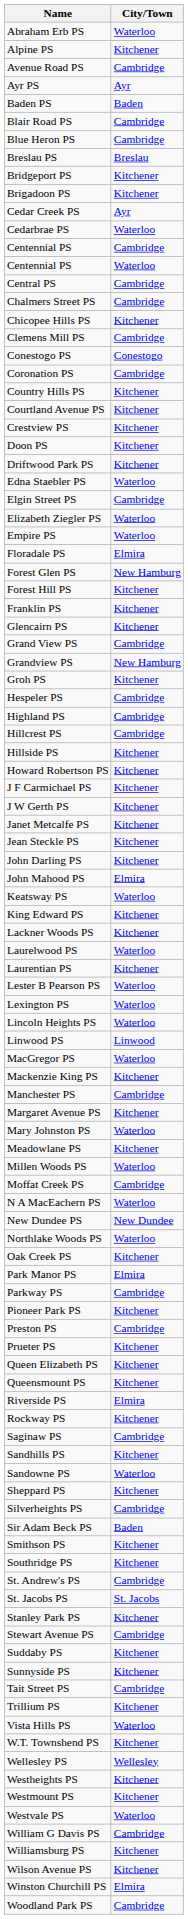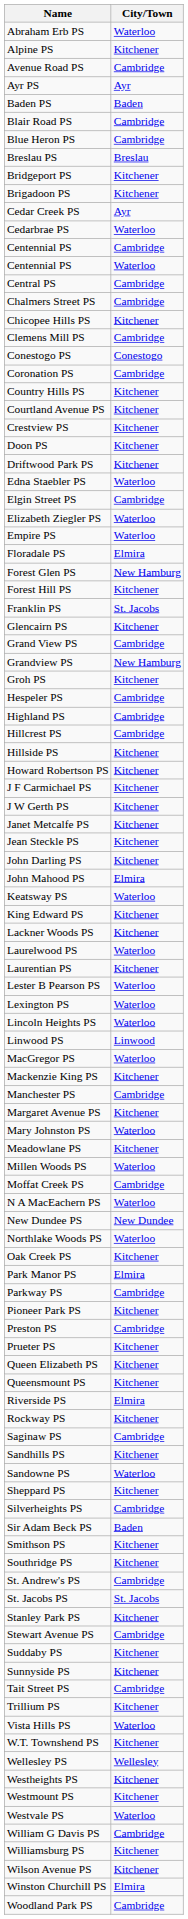 <table class="wikitable">
 <tr>
 <th>Name</th>
 <th>City/Town</th>
 </tr>
 <tr>
 <td>Abraham Erb PS</td>
 <td><a href='#'>Waterloo</a></td>
 </tr>
 <tr>
 <td>Alpine PS</td>
 <td><a href='#'>Kitchener</a></td>
 </tr>
 <tr>
 <td>Avenue Road PS</td>
 <td><a href='#'>Cambridge</a></td>
 </tr>
 <tr>
 <td>Ayr PS</td>
 <td><a href='#'>Ayr</a></td>
 </tr>
 <tr>
 <td>Baden PS</td>
 <td><a href='#'>Baden</a></td>
 </tr>
 <tr>
 <td>Blair Road PS</td>
 <td><a href='#'>Cambridge</a></td>
 </tr>
 <tr>
 <td>Blue Heron PS</td>
 <td><a href='#'>Cambridge</a></td>
 </tr>
 <tr>
 <td>Breslau PS</td>
 <td><a href='#'>Breslau</a></td>
 </tr>
 <tr>
 <td>Bridgeport PS</td>
 <td><a href='#'>Kitchener</a></td>
 </tr>
 <tr>
 <td>Brigadoon PS</td>
 <td><a href='#'>Kitchener</a></td>
 </tr>
 <tr>
 <td>Cedar Creek PS</td>
 <td><a href='#'>Ayr</a></td>
 </tr>
 <tr>
 <td>Cedarbrae PS</td>
 <td><a href='#'>Waterloo</a></td>
 </tr>
 <tr>
 <td>Centennial PS</td>
 <td><a href='#'>Cambridge</a></td>
 </tr>
 <tr>
 <td>Centennial PS</td>
 <td><a href='#'>Waterloo</a></td>
 </tr>
 <tr>
 <td>Central PS</td>
 <td><a href='#'>Cambridge</a></td>
 </tr>
 <tr>
 <td>Chalmers Street PS</td>
 <td><a href='#'>Cambridge</a></td>
 </tr>
 <tr>
 <td>Chicopee Hills PS</td>
 <td><a href='#'>Kitchener</a></td>
 </tr>
 <tr>
 <td>Clemens Mill PS</td>
 <td><a href='#'>Cambridge</a></td>
 </tr>
 <tr>
 <td>Conestogo PS</td>
 <td><a href='#'>Conestogo</a></td>
 </tr>
 <tr>
 <td>Coronation PS</td>
 <td><a href='#'>Cambridge</a></td>
 </tr>
 <tr>
 <td>Country Hills PS</td>
 <td><a href='#'>Kitchener</a></td>
 </tr>
 <tr>
 <td>Courtland Avenue PS</td>
 <td><a href='#'>Kitchener</a></td>
 </tr>
 <tr>
 <td>Crestview PS</td>
 <td><a href='#'>Kitchener</a></td>
 </tr>
 <tr>
 <td>Doon PS</td>
 <td><a href='#'>Kitchener</a></td>
 </tr>
 <tr>
 <td>Driftwood Park PS</td>
 <td><a href='#'>Kitchener</a></td>
 </tr>
 <tr>
 <td>Edna Staebler PS</td>
 <td><a href='#'>Waterloo</a></td>
 </tr>
 <tr>
 <td>Elgin Street PS</td>
 <td><a href='#'>Cambridge</a></td>
 </tr>
 <tr>
 <td>Elizabeth Ziegler PS</td>
 <td><a href='#'>Waterloo</a></td>
 </tr>
 <tr>
 <td>Empire PS</td>
 <td><a href='#'>Waterloo</a></td>
 </tr>
 <tr>
 <td>Floradale PS</td>
 <td><a href='#'>Elmira</a></td>
 </tr>
 <tr>
 <td>Forest Glen PS</td>
 <td><a href='#'>New Hamburg</a></td>
 </tr>
 <tr>
 <td>Forest Hill PS</td>
 <td><a href='#'>Kitchener</a></td>
 </tr>
 <tr>
 <td>Franklin PS</td>
-<td><a href='#'>Kitchener</a></td>
+<td><a href='#'>St. Jacobs</a></td>
 </tr>
 <tr>
 <td>Glencairn PS</td>
 <td><a href='#'>Kitchener</a></td>
 </tr>
 <tr>
 <td>Grand View PS</td>
 <td><a href='#'>Cambridge</a></td>
 </tr>
 <tr>
 <td>Grandview PS</td>
 <td><a href='#'>New Hamburg</a></td>
 </tr>
 <tr>
 <td>Groh PS</td>
 <td><a href='#'>Kitchener</a></td>
 </tr>
 <tr>
 <td>Hespeler PS</td>
 <td><a href='#'>Cambridge</a></td>
 </tr>
 <tr>
 <td>Highland PS</td>
 <td><a href='#'>Cambridge</a></td>
 </tr>
 <tr>
 <td>Hillcrest PS</td>
 <td><a href='#'>Cambridge</a></td>
 </tr>
 <tr>
 <td>Hillside PS</td>
 <td><a href='#'>Kitchener</a></td>
 </tr>
 <tr>
 <td>Howard Robertson PS</td>
 <td><a href='#'>Kitchener</a></td>
 </tr>
 <tr>
 <td>J F Carmichael PS</td>
 <td><a href='#'>Kitchener</a></td>
 </tr>
 <tr>
 <td>J W Gerth PS</td>
 <td><a href='#'>Kitchener</a></td>
 </tr>
 <tr>
 <td>Janet Metcalfe PS</td>
 <td><a href='#'>Kitchener</a></td>
 </tr>
 <tr>
 <td>Jean Steckle PS</td>
 <td><a href='#'>Kitchener</a></td>
 </tr>
 <tr>
 <td>John Darling PS</td>
 <td><a href='#'>Kitchener</a></td>
 </tr>
 <tr>
 <td>John Mahood PS</td>
 <td><a href='#'>Elmira</a></td>
 </tr>
 <tr>
 <td>Keatsway PS</td>
 <td><a href='#'>Waterloo</a></td>
 </tr>
 <tr>
 <td>King Edward PS</td>
 <td><a href='#'>Kitchener</a></td>
 </tr>
 <tr>
 <td>Lackner Woods PS</td>
 <td><a href='#'>Kitchener</a></td>
 </tr>
 <tr>
 <td>Laurelwood PS</td>
 <td><a href='#'>Waterloo</a></td>
 </tr>
 <tr>
 <td>Laurentian PS</td>
 <td><a href='#'>Kitchener</a></td>
 </tr>
 <tr>
 <td>Lester B Pearson PS</td>
 <td><a href='#'>Waterloo</a></td>
 </tr>
 <tr>
 <td>Lexington PS</td>
 <td><a href='#'>Waterloo</a></td>
 </tr>
 <tr>
 <td>Lincoln Heights PS</td>
 <td><a href='#'>Waterloo</a></td>
 </tr>
 <tr>
 <td>Linwood PS</td>
 <td><a href='#'>Linwood</a></td>
 </tr>
 <tr>
 <td>MacGregor PS</td>
 <td><a href='#'>Waterloo</a></td>
 </tr>
 <tr>
 <td>Mackenzie King PS</td>
 <td><a href='#'>Kitchener</a></td>
 </tr>
 <tr>
 <td>Manchester PS</td>
 <td><a href='#'>Cambridge</a></td>
 </tr>
 <tr>
 <td>Margaret Avenue PS</td>
 <td><a href='#'>Kitchener</a></td>
 </tr>
 <tr>
 <td>Mary Johnston PS</td>
 <td><a href='#'>Waterloo</a></td>
 </tr>
 <tr>
 <td>Meadowlane PS</td>
 <td><a href='#'>Kitchener</a></td>
 </tr>
 <tr>
 <td>Millen Woods PS</td>
 <td><a href='#'>Waterloo</a></td>
 </tr>
 <tr>
 <td>Moffat Creek PS</td>
 <td><a href='#'>Cambridge</a></td>
 </tr>
 <tr>
 <td>N A MacEachern PS</td>
 <td><a href='#'>Waterloo</a></td>
 </tr>
 <tr>
 <td>New Dundee PS</td>
 <td><a href='#'>New Dundee</a></td>
 </tr>
 <tr>
 <td>Northlake Woods PS</td>
 <td><a href='#'>Waterloo</a></td>
 </tr>
 <tr>
 <td>Oak Creek PS</td>
 <td><a href='#'>Kitchener</a></td>
 </tr>
 <tr>
 <td>Park Manor PS</td>
 <td><a href='#'>Elmira</a></td>
 </tr>
 <tr>
 <td>Parkway PS</td>
 <td><a href='#'>Cambridge</a></td>
 </tr>
 <tr>
 <td>Pioneer Park PS</td>
 <td><a href='#'>Kitchener</a></td>
 </tr>
 <tr>
 <td>Preston PS</td>
 <td><a href='#'>Cambridge</a></td>
 </tr>
 <tr>
 <td>Prueter PS</td>
 <td><a href='#'>Kitchener</a></td>
 </tr>
 <tr>
 <td>Queen Elizabeth PS</td>
 <td><a href='#'>Kitchener</a></td>
 </tr>
 <tr>
 <td>Queensmount PS</td>
 <td><a href='#'>Kitchener</a></td>
 </tr>
 <tr>
 <td>Riverside PS</td>
 <td><a href='#'>Elmira</a></td>
 </tr>
 <tr>
 <td>Rockway PS</td>
 <td><a href='#'>Kitchener</a></td>
 </tr>
 <tr>
 <td>Saginaw PS</td>
 <td><a href='#'>Cambridge</a></td>
 </tr>
 <tr>
 <td>Sandhills PS</td>
 <td><a href='#'>Kitchener</a></td>
 </tr>
 <tr>
 <td>Sandowne PS</td>
 <td><a href='#'>Waterloo</a></td>
 </tr>
 <tr>
 <td>Sheppard PS</td>
 <td><a href='#'>Kitchener</a></td>
 </tr>
 <tr>
 <td>Silverheights PS</td>
 <td><a href='#'>Cambridge</a></td>
 </tr>
 <tr>
 <td>Sir Adam Beck PS</td>
 <td><a href='#'>Baden</a></td>
 </tr>
 <tr>
 <td>Smithson PS</td>
 <td><a href='#'>Kitchener</a></td>
 </tr>
 <tr>
 <td>Southridge PS</td>
 <td><a href='#'>Kitchener</a></td>
 </tr>
 <tr>
 <td>St. Andrew's PS</td>
 <td><a href='#'>Cambridge</a></td>
 </tr>
 <tr>
 <td>St. Jacobs PS</td>
 <td><a href='#'>St. Jacobs</a></td>
 </tr>
 <tr>
 <td>Stanley Park PS</td>
 <td><a href='#'>Kitchener</a></td>
 </tr>
 <tr>
 <td>Stewart Avenue PS</td>
 <td><a href='#'>Cambridge</a></td>
 </tr>
 <tr>
 <td>Suddaby PS</td>
 <td><a href='#'>Kitchener</a></td>
 </tr>
 <tr>
 <td>Sunnyside PS</td>
 <td><a href='#'>Kitchener</a></td>
 </tr>
 <tr>
 <td>Tait Street PS</td>
 <td><a href='#'>Cambridge</a></td>
 </tr>
 <tr>
 <td>Trillium PS</td>
 <td><a href='#'>Kitchener</a></td>
 </tr>
 <tr>
 <td>Vista Hills PS</td>
 <td><a href='#'>Waterloo</a></td>
 </tr>
 <tr>
 <td>W.T. Townshend PS</td>
 <td><a href='#'>Kitchener</a></td>
 </tr>
 <tr>
 <td>Wellesley PS</td>
 <td><a href='#'>Wellesley</a></td>
 </tr>
 <tr>
 <td>Westheights PS</td>
 <td><a href='#'>Kitchener</a></td>
 </tr>
 <tr>
 <td>Westmount PS</td>
 <td><a href='#'>Kitchener</a></td>
 </tr>
 <tr>
 <td>Westvale PS</td>
 <td><a href='#'>Waterloo</a></td>
 </tr>
 <tr>
 <td>William G Davis PS</td>
 <td><a href='#'>Cambridge</a></td>
 </tr>
 <tr>
 <td>Williamsburg PS</td>
 <td><a href='#'>Kitchener</a></td>
 </tr>
 <tr>
 <td>Wilson Avenue PS</td>
 <td><a href='#'>Kitchener</a></td>
 </tr>
 <tr>
 <td>Winston Churchill PS</td>
 <td><a href='#'>Elmira</a></td>
 </tr>
 <tr>
 <td>Woodland Park PS</td>
 <td><a href='#'>Cambridge</a></td>
 </tr>
 </table>
